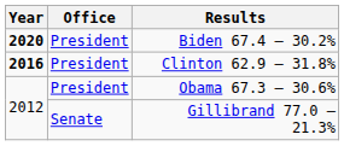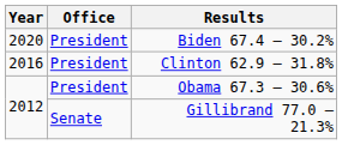 <table class=wikitable>
 <tr>
 <th width="30">Year</th>
 <th width="60">Office</th>
 <th width="180">Results</th>
 </tr>
 <tr>
-<td><strong>2020</strong></td>
+<td>2020</td>
 <td><a href='#'>President</a></td>
 <td align="right" ><a href='#'>Biden</a> 67.4 – 30.2%</td>
 </tr>
 <tr>
-<td><strong>2016</strong></td>
+<td>2016</td>
 <td><a href='#'>President</a></td>
 <td align="right" ><a href='#'>Clinton</a> 62.9 – 31.8%</td>
 </tr>
 <tr>
 <td rowspan="2">2012</td>
 <td><a href='#'>President</a></td>
 <td align="right" ><a href='#'>Obama</a> 67.3 – 30.6%</td>
 </tr>
 <tr>
 <td><a href='#'>Senate</a></td>
 <td align="right" ><a href='#'>Gillibrand</a> 77.0 – 21.3%</td>
 </tr>
 </table>
